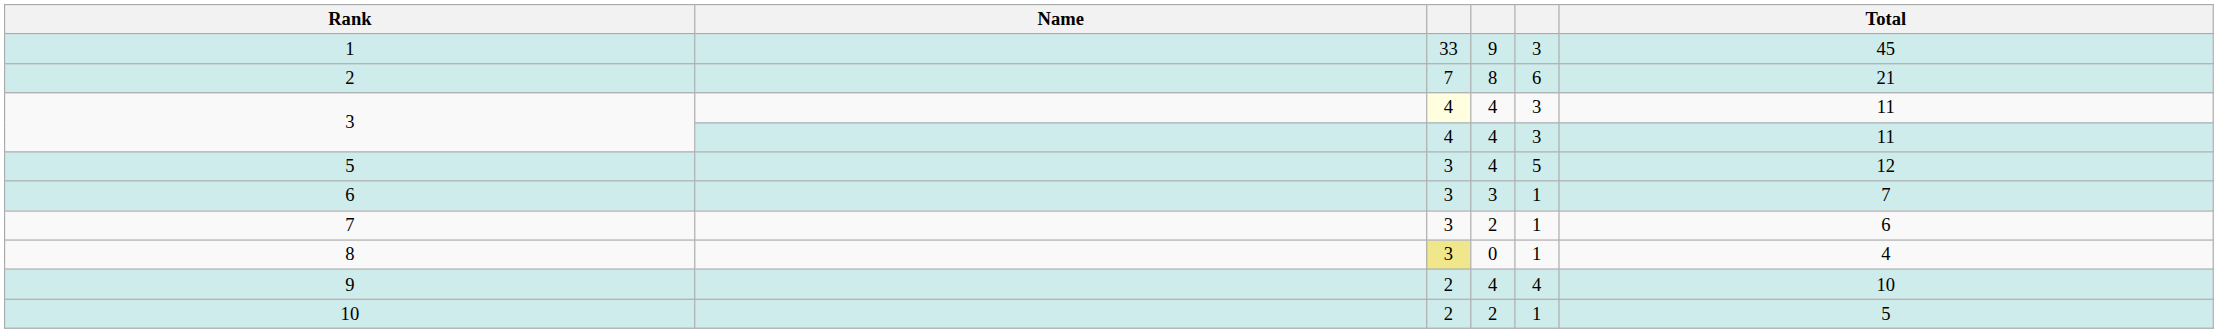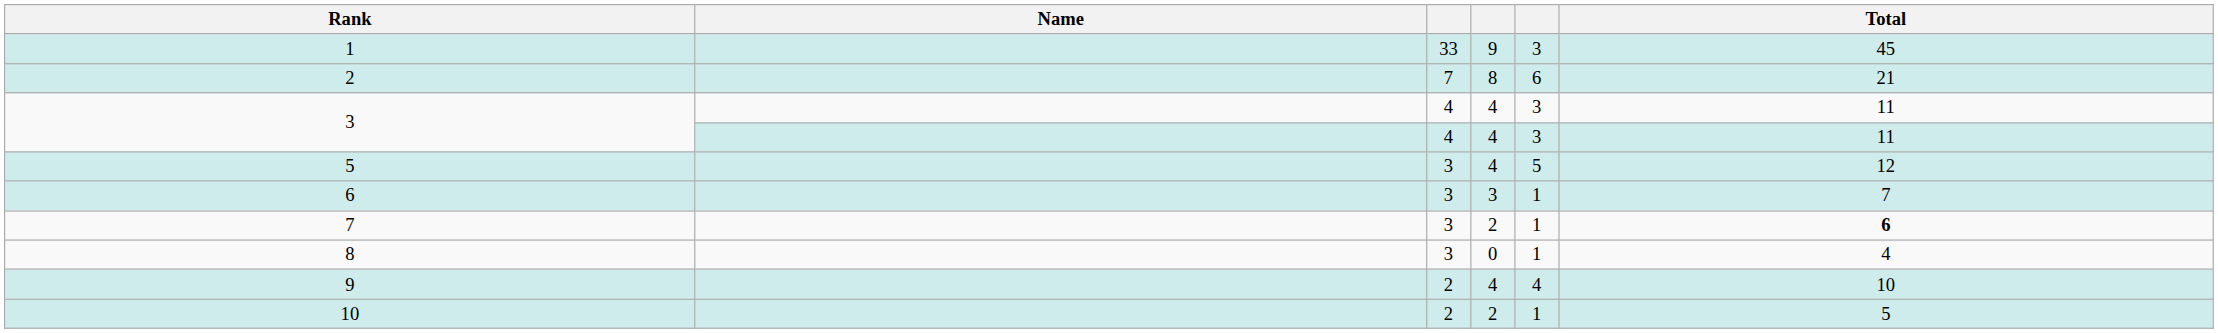 <table class="wikitable" width=96% style="text-align:center">
 <tr>
 <th>Rank</th>
 <th>Name</th>
 <th style="width:2%;" bgcolor=gold></th>
 <th style="width:2%;" bgcolor=silver></th>
 <th style="width:2%;" bgcolor=cc9966></th>
 <th>Total</th>
 </tr>
 <tr style="background:#CFECEC">
 <td>1</td>
 <td align=left></td>
 <td>33</td>
 <td>9</td>
 <td>3</td>
 <td>45</td>
 </tr>
 <tr style="background:#CFECEC">
 <td>2</td>
 <td align=left></td>
 <td>7</td>
 <td>8</td>
 <td>6</td>
 <td>21</td>
 </tr>
 <tr>
 <td rowspan=2>3</td>
 <td align=left></td>
-<td style="background: lightyellow;">4</td>
+<td>4</td>
 <td>4</td>
 <td>3</td>
 <td>11</td>
 </tr>
 <tr style="background:#CFECEC">
 <td align=left></td>
 <td>4</td>
 <td>4</td>
 <td>3</td>
 <td>11</td>
 </tr>
 <tr style="background:#CFECEC">
 <td>5</td>
 <td align=left></td>
 <td>3</td>
 <td>4</td>
 <td>5</td>
 <td>12</td>
 </tr>
 <tr style="background:#CFECEC">
 <td>6</td>
 <td align=left></td>
 <td>3</td>
 <td>3</td>
 <td>1</td>
 <td>7</td>
 </tr>
 <tr>
 <td>7</td>
 <td align=left></td>
 <td>3</td>
 <td>2</td>
 <td>1</td>
-<td>6</td>
+<td><strong>6</strong></td>
 </tr>
 <tr>
 <td>8</td>
 <td align=left></td>
-<td style="background: khaki;">3</td>
+<td>3</td>
 <td>0</td>
 <td>1</td>
 <td>4</td>
 </tr>
 <tr style="background:#CFECEC">
 <td>9</td>
 <td align=left></td>
 <td>2</td>
 <td>4</td>
 <td>4</td>
 <td>10</td>
 </tr>
 <tr style="background:#CFECEC">
 <td>10</td>
 <td align=left></td>
 <td>2</td>
 <td>2</td>
 <td>1</td>
 <td>5</td>
 </tr>
 </table>
